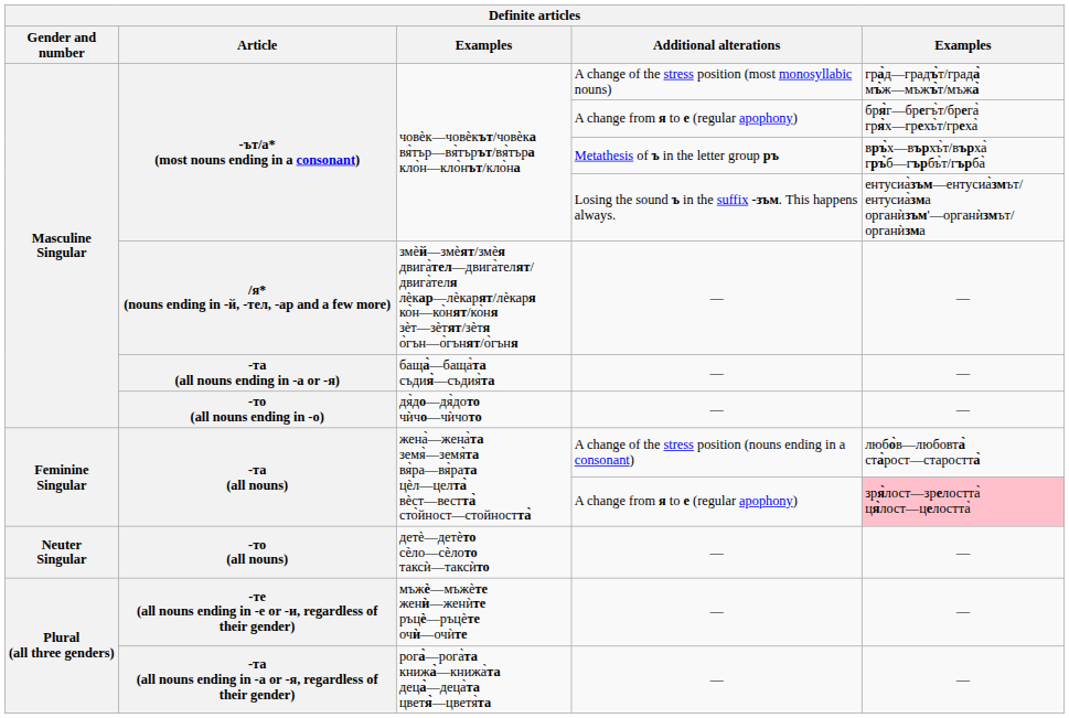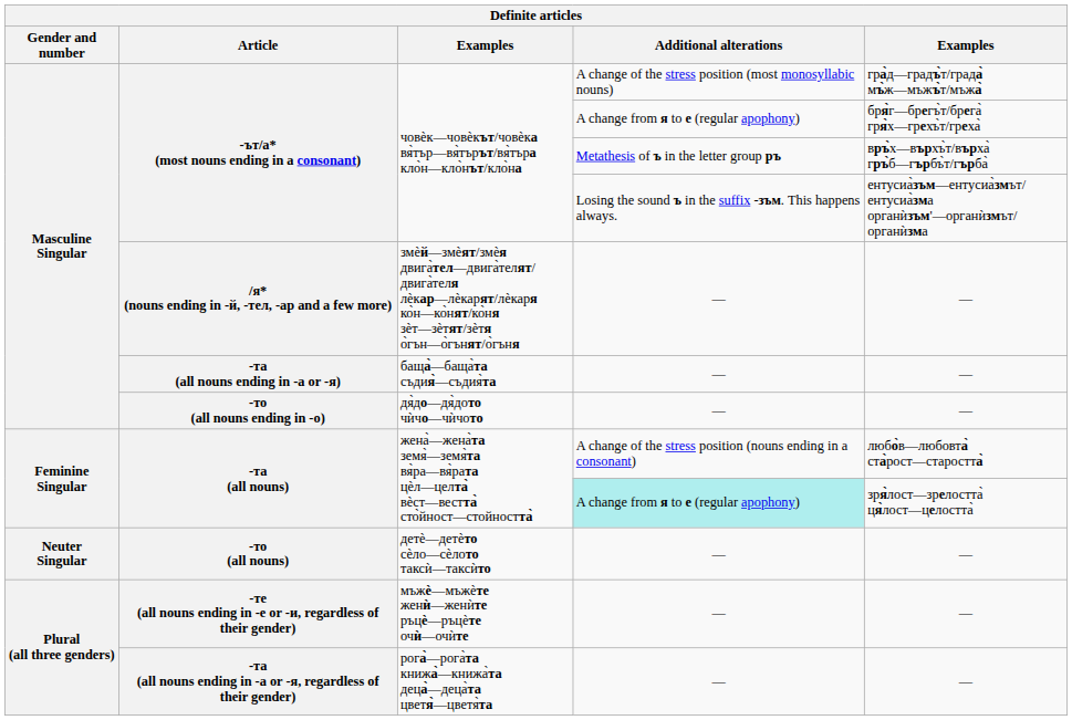 <table class="wikitable">
 <tr>
 <th colspan="5">Definite articles</th>
 </tr>
 <tr>
 <th>Gender and number</th>
 <th>Article</th>
 <th>Examples</th>
 <th>Additional alterations</th>
 <th>Examples</th>
 </tr>
 <tr>
 <th rowspan="7">Masculine<br>Singular</th>
 <th rowspan="4">-ът/а*<br>(most nouns ending in a <a href='#'>consonant</a>)</th>
 <td rowspan="4">човѐк—човѐк<strong>ът</strong>/човѐк<strong>а</strong><br>вя̀тър—вя̀тър<strong>ът</strong>/вя̀тър<strong>а</strong><br>кло̀н—кло̀н<strong>ът</strong>/кло̀н<strong>а</strong></td>
 <td>A change of the <a href='#'>stress</a> position (most <a href='#'>monosyllabic</a> nouns)</td>
 <td>гр<strong>а̀</strong>д—град<strong>ъ̀</strong>т/град<strong>а̀</strong><br>м<strong>ъ̀</strong>ж—мъж<strong>ъ̀</strong>т/мъж<strong>а̀</strong></td>
 </tr>
 <tr>
 <td>A change from <strong>я</strong> to <strong>е</strong> (regular <a href='#'>apophony</a>)</td>
 <td>бр<strong>я̀</strong>г—бр<strong>е</strong>гъ̀т/бр<strong>е</strong>га̀<br>гр<strong>я̀</strong>х—гр<strong>е</strong>хъ̀т/гр<strong>е</strong>ха̀</td>
 </tr>
 <tr>
 <td><a href='#'>Metathesis</a> of <strong>ъ</strong> in the letter group <strong>ръ</strong></td>
 <td>в<strong>ръ̀</strong>х—в<strong>ър</strong>хъ̀т/в<strong>ър</strong>ха̀<br>г<strong>ръ̀</strong>б—г<strong>ър</strong>бъ̀т/г<strong>ър</strong>ба̀</td>
 </tr>
 <tr>
 <td>Losing the sound <strong>ъ</strong> in the <a href='#'>suffix</a> -<strong>зъм</strong>. This happens always.</td>
 <td>ентусиа̀<strong>зъм</strong>—ентусиа̀<strong>зм</strong>ът/ентусиа̀<strong>зм</strong>а<br>органѝ<strong>зъм</strong>'—органѝ<strong>зм</strong>ът/органѝ<strong>зм</strong>а</td>
 </tr>
 <tr>
 <th>/я*<br>(nouns ending in -<strong>й</strong>, -<strong>тел</strong>, -<strong>ар</strong> and a few more)</th>
 <td>змѐ<strong>й</strong>—змѐ<strong>ят</strong>/змѐ<strong>я</strong><br>двига̀<strong>тел</strong>—двига̀тел<strong>ят</strong>/двига̀тел<strong>я</strong><br>лѐк<strong>ар</strong>—лѐкар<strong>ят</strong>/лѐкар<strong>я</strong><br>ко̀н—ко̀н<strong>ят</strong>/ко̀н<strong>я</strong><br>зѐт—зѐт<strong>ят</strong>/зѐт<strong>я</strong><br>о̀гън—о̀гън<strong>ят</strong>/о̀гън<strong>я</strong></td>
 <td align="center">—</td>
 <td align="center">—</td>
 </tr>
 <tr>
 <th>-та<br>(all nouns ending in -а or -я)</th>
 <td>бащ<strong>а̀</strong>—баща̀<strong>та</strong><br>съди<strong>я̀</strong>—съдия̀<strong>та</strong></td>
 <td align="center">—</td>
 <td align="center">—</td>
 </tr>
 <tr>
 <th>-то<br>(all nouns ending in -о)</th>
 <td>дя̀д<strong>о</strong>—дя̀до<strong>то</strong><br>чѝч<strong>о</strong>—чѝчо<strong>то</strong></td>
 <td align="center">—</td>
 <td align="center">—</td>
 </tr>
 <tr>
 <th rowspan="2">Feminine<br>Singular</th>
 <th rowspan="2">-та<br>(all nouns)</th>
 <td rowspan="2">жена̀—жена̀<strong>та</strong><br>земя̀—земя̀<strong>та</strong><br>вя̀ра—вя̀ра<strong>та</strong><br>цѐл—цел<strong>та̀</strong><br>вѐст—вест<strong>та̀</strong><br>сто̀йност—стойност<strong>та̀</strong></td>
 <td>A change of the <a href='#'>stress</a> position (nouns ending in a <a href='#'>consonant</a>)</td>
 <td>люб<strong>о̀</strong>в—любовт<strong>а̀</strong><br>ст<strong>а̀</strong>рост—старостт<strong>а̀</strong></td>
 </tr>
 <tr>
-<td>A change from <strong>я</strong> to <strong>е</strong> (regular <a href='#'>apophony</a>)</td>
-<td style="background: pink;">зр<strong>я̀</strong>лост—зр<strong>е</strong>лостта̀<br>ц<strong>я̀</strong>лост—ц<strong>е</strong>лостта̀</td>
+<td style="background: paleturquoise;">A change from <strong>я</strong> to <strong>е</strong> (regular <a href='#'>apophony</a>)</td>
+<td>зр<strong>я̀</strong>лост—зр<strong>е</strong>лостта̀<br>ц<strong>я̀</strong>лост—ц<strong>е</strong>лостта̀</td>
 </tr>
 <tr>
 <th>Neuter<br>Singular</th>
 <th>-то<br>(all nouns)</th>
 <td>детѐ—детѐ<strong>то</strong><br>сѐло—сѐло<strong>то</strong><br>таксѝ—таксѝ<strong>то</strong></td>
 <td align="center">—</td>
 <td align="center">—</td>
 </tr>
 <tr>
 <th rowspan="2">Plural<br>(all three genders)</th>
 <th>-те<br>(all nouns ending in -е or -и, regardless of their gender)</th>
 <td>мъж<strong>ѐ</strong>—мъжѐ<strong>те</strong><br>жен<strong>ѝ</strong>—женѝ<strong>те</strong><br>ръц<strong>ѐ</strong>—ръцѐ<strong>те</strong><br>оч<strong>ѝ</strong>—очѝ<strong>те</strong></td>
 <td align="center">—</td>
 <td align="center">—</td>
 </tr>
 <tr>
 <th>-та<br>(all nouns ending in -а or -я, regardless of their gender)</th>
 <td>рог<strong>а̀</strong>—рога̀<strong>та</strong><br>книж<strong>а̀</strong>—книжа̀<strong>та</strong><br>дец<strong>а̀</strong>—деца̀<strong>та</strong><br>цвет<strong>я̀</strong>—цветя̀<strong>та</strong></td>
 <td align="center">—</td>
 <td align="center">—</td>
 </tr>
 </table>
